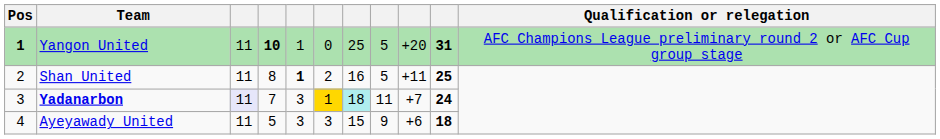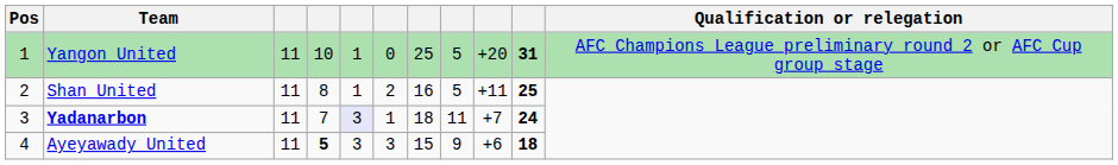 <table class="wikitable" style="text-align: center;">
 <tr>
 <th width="20">Pos</th>
 <th width="175">Team</th>
 <th width="20"></th>
 <th width="20"></th>
 <th width="20"></th>
 <th width="20"></th>
 <th width="20"></th>
 <th width="20"></th>
 <th width="20"></th>
 <th width="20"></th>
 <th>Qualification or relegation</th>
 </tr>
 <tr style="background:#ACE1AF">
-<td><strong>1</strong></td>
+<td>1</td>
 <td align=left><a href='#'>Yangon United</a></td>
 <td>11</td>
-<td><strong>10</strong></td>
+<td>10</td>
 <td>1</td>
 <td>0</td>
 <td>25</td>
 <td>5</td>
 <td>+20</td>
 <td><strong>31</strong></td>
 <td rowspan=1><a href='#'>AFC Champions League preliminary round 2</a> or <a href='#'>AFC Cup group stage</a></td>
 </tr>
 <tr>
 <td>2</td>
 <td align=left><a href='#'>Shan United</a></td>
 <td>11</td>
 <td>8</td>
-<td><strong>1</strong></td>
+<td>1</td>
 <td>2</td>
 <td>16</td>
 <td>5</td>
 <td>+11</td>
 <td><strong>25</strong></td>
 </tr>
 <tr>
 <td>3</td>
 <td align=left><strong><a href='#'>Yadanarbon</a></strong></td>
-<td style="background: lavender;">11</td>
+<td>11</td>
 <td>7</td>
-<td>3</td>
-<td style="background: gold;">1</td>
-<td style="background: paleturquoise;">18</td>
+<td style="background: lavender;">3</td>
+<td>1</td>
+<td>18</td>
 <td>11</td>
 <td>+7</td>
 <td><strong>24</strong></td>
 </tr>
 <tr>
 <td>4</td>
 <td align=left><a href='#'>Ayeyawady United</a></td>
 <td>11</td>
-<td>5</td>
+<td><strong>5</strong></td>
 <td>3</td>
 <td>3</td>
 <td>15</td>
 <td>9</td>
 <td>+6</td>
 <td><strong>18</strong></td>
 </tr>
 </table>
